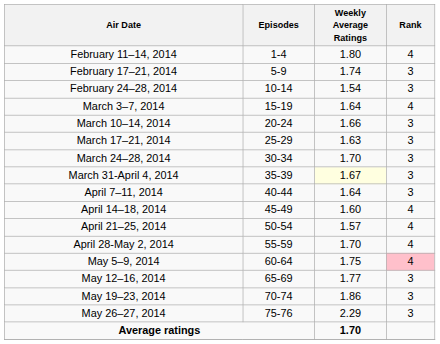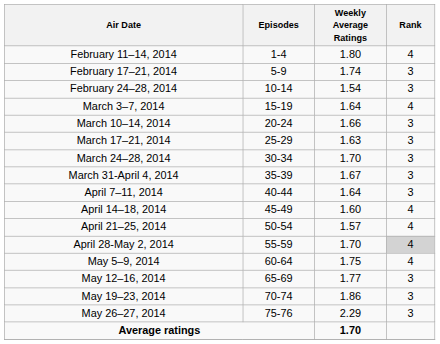 <table class="wikitable" style="text-align:center;width:40%;">
 <tr>
 <th width="25%"><small>Air Date</small></th>
 <th width="5%"><small>Episodes</small></th>
 <th width="6%"><small>Weekly Average Ratings</small></th>
 <th width="4%"><small>Rank</small></th>
 </tr>
 <tr>
 <td>February 11–14, 2014</td>
 <td>1-4</td>
 <td>1.80</td>
 <td>4</td>
 </tr>
 <tr>
 <td>February 17–21, 2014</td>
 <td>5-9</td>
 <td>1.74</td>
 <td>3</td>
 </tr>
 <tr>
 <td>February 24–28, 2014</td>
 <td>10-14</td>
 <td>1.54</td>
 <td>3</td>
 </tr>
 <tr>
 <td>March 3–7, 2014</td>
 <td>15-19</td>
 <td>1.64</td>
 <td>4</td>
 </tr>
 <tr>
 <td>March 10–14, 2014</td>
 <td>20-24</td>
 <td>1.66</td>
 <td>3</td>
 </tr>
 <tr>
 <td>March 17–21, 2014</td>
 <td>25-29</td>
 <td>1.63</td>
 <td>3</td>
 </tr>
 <tr>
 <td>March 24–28, 2014</td>
 <td>30-34</td>
 <td>1.70</td>
 <td>3</td>
 </tr>
 <tr>
 <td>March 31-April 4, 2014</td>
 <td>35-39</td>
-<td style="background: lightyellow;">1.67</td>
+<td>1.67</td>
 <td>3</td>
 </tr>
 <tr>
 <td>April 7–11, 2014</td>
 <td>40-44</td>
 <td>1.64</td>
 <td>3</td>
 </tr>
 <tr>
 <td>April 14–18, 2014</td>
 <td>45-49</td>
 <td>1.60</td>
 <td>4</td>
 </tr>
 <tr>
 <td>April 21–25, 2014</td>
 <td>50-54</td>
 <td>1.57</td>
 <td>4</td>
 </tr>
 <tr>
 <td>April 28-May 2, 2014</td>
 <td>55-59</td>
 <td>1.70</td>
-<td>4</td>
+<td style="background: lightgrey;">4</td>
 </tr>
 <tr>
 <td>May 5–9, 2014</td>
 <td>60-64</td>
 <td>1.75</td>
-<td style="background: pink;">4</td>
+<td>4</td>
 </tr>
 <tr>
 <td>May 12–16, 2014</td>
 <td>65-69</td>
 <td>1.77</td>
 <td>3</td>
 </tr>
 <tr>
 <td>May 19–23, 2014</td>
 <td>70-74</td>
 <td>1.86</td>
 <td>3</td>
 </tr>
 <tr>
 <td>May 26–27, 2014</td>
 <td>75-76</td>
 <td>2.29</td>
 <td>3</td>
 </tr>
 <tr>
 <td colspan=2><strong>Average ratings</strong></td>
 <td><strong>1.70</strong></td>
 <td></td>
 </tr>
 <tr>
 </tr>
 </table>
